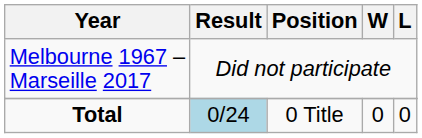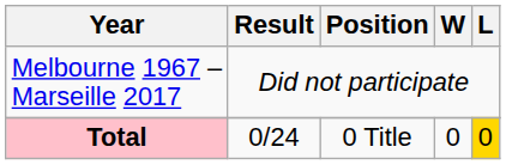 <table class="wikitable" style="text-align: left;">
 <tr>
 <th>Year</th>
 <th>Result</th>
 <th>Position</th>
 <th>W</th>
 <th>L</th>
 </tr>
 <tr>
 <td> <a href='#'>Melbourne</a> <a href='#'>1967</a> –<br> <a href='#'>Marseille</a> <a href='#'>2017</a></td>
 <td colspan="4" align="center"><em>Did not participate</em></td>
 </tr>
 <tr>
 </tr>
 <tr align=center>
-<td><strong>Total</strong></td>
-<td style="background: lightblue;">0/24</td>
+<td style="background: pink;"><strong>Total</strong></td>
+<td>0/24</td>
 <td>0 Title</td>
 <td>0</td>
-<td>0</td>
+<td style="background: gold;">0</td>
 </tr>
 </table>
